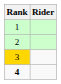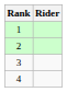 <table class="wikitable" style="font-size:95%" style="width:25em;">
 <tr>
 <th>Rank</th>
 <th>Rider</th>
 </tr>
 <tr bgcolor=ccffcc>
 <td align=center>1</td>
 <td></td>
 </tr>
 <tr bgcolor=ccffcc>
 <td align=center>2</td>
 <td></td>
 </tr>
 <tr>
-<td align=center style="background: gold;">3</td>
+<td align=center>3</td>
 <td></td>
 </tr>
 <tr>
-<td align=center><strong>4</strong></td>
+<td align=center>4</td>
 <td></td>
 </tr>
 </table>
